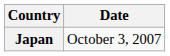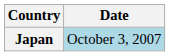 <table class="wikitable plainrowheaders">
 <tr>
 <th>Country</th>
 <th>Date</th>
 </tr>
 <tr>
 <th scope="row">Japan</th>
-<td>October 3, 2007</td>
+<td style="background: lightblue;">October 3, 2007</td>
 </tr>
 </table>
